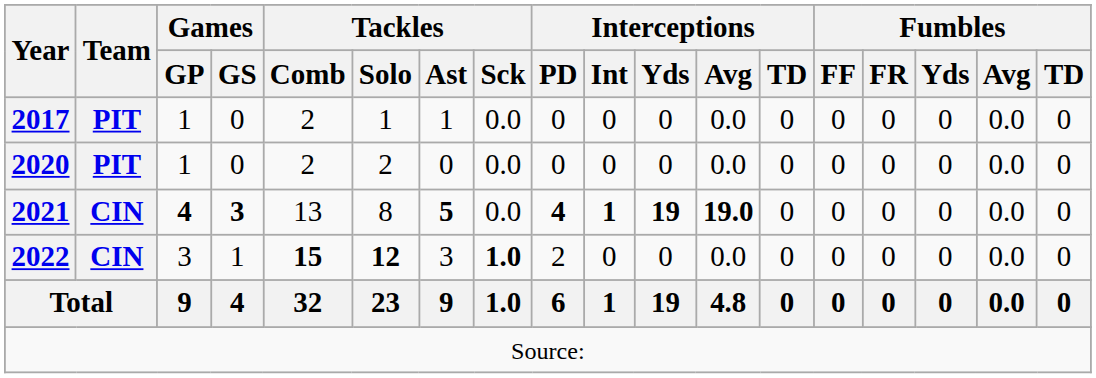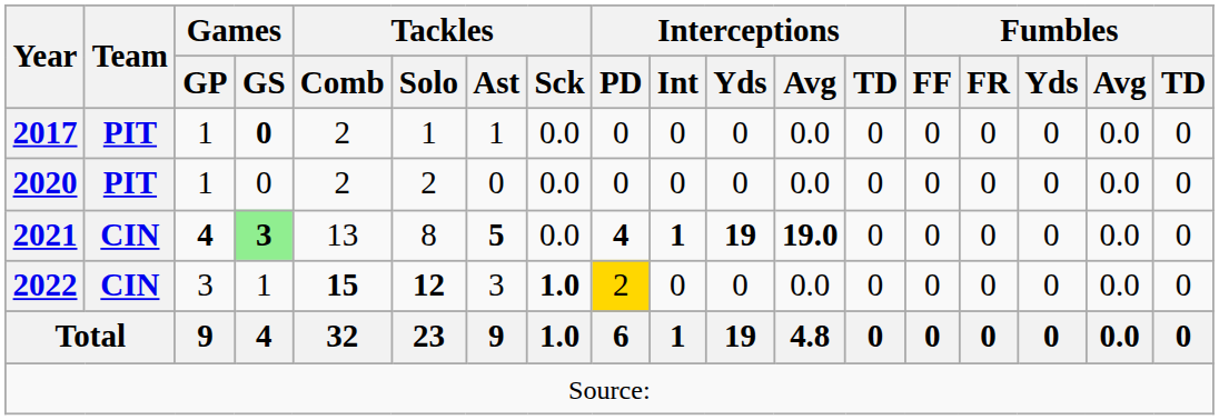 <table class="wikitable" style="text-align:center;">
 <tr>
 <th rowspan="2">Year</th>
 <th rowspan="2">Team</th>
 <th colspan="2">Games</th>
 <th colspan="4">Tackles</th>
 <th colspan="5">Interceptions</th>
 <th colspan="5">Fumbles</th>
 </tr>
 <tr>
 <th>GP</th>
 <th>GS</th>
 <th>Comb</th>
 <th>Solo</th>
 <th>Ast</th>
 <th>Sck</th>
 <th>PD</th>
 <th>Int</th>
 <th>Yds</th>
 <th>Avg</th>
 <th>TD</th>
 <th>FF</th>
 <th>FR</th>
 <th>Yds</th>
 <th>Avg</th>
 <th>TD</th>
 </tr>
 <tr>
 <th><a href='#'>2017</a></th>
 <th><a href='#'>PIT</a></th>
 <td>1</td>
-<td>0</td>
+<td><strong>0</strong></td>
 <td>2</td>
 <td>1</td>
 <td>1</td>
 <td>0.0</td>
 <td>0</td>
 <td>0</td>
 <td>0</td>
 <td>0.0</td>
 <td>0</td>
 <td>0</td>
 <td>0</td>
 <td>0</td>
 <td>0.0</td>
 <td>0</td>
 </tr>
 <tr>
 <th><a href='#'>2020</a></th>
 <th><a href='#'>PIT</a></th>
 <td>1</td>
 <td>0</td>
 <td>2</td>
 <td>2</td>
 <td>0</td>
 <td>0.0</td>
 <td>0</td>
 <td>0</td>
 <td>0</td>
 <td>0.0</td>
 <td>0</td>
 <td>0</td>
 <td>0</td>
 <td>0</td>
 <td>0.0</td>
 <td>0</td>
 </tr>
 <tr>
 <th><a href='#'>2021</a></th>
 <th><a href='#'>CIN</a></th>
 <td><strong>4</strong></td>
-<td><strong>3</strong></td>
+<td style="background: lightgreen;"><strong>3</strong></td>
 <td>13</td>
 <td>8</td>
 <td><strong>5</strong></td>
 <td>0.0</td>
 <td><strong>4</strong></td>
 <td><strong>1</strong></td>
 <td><strong>19</strong></td>
 <td><strong>19.0</strong></td>
 <td>0</td>
 <td>0</td>
 <td>0</td>
 <td>0</td>
 <td>0.0</td>
 <td>0</td>
 </tr>
 <tr>
 <th><a href='#'>2022</a></th>
 <th><a href='#'>CIN</a></th>
 <td>3</td>
 <td>1</td>
 <td><strong>15</strong></td>
 <td><strong>12</strong></td>
 <td>3</td>
 <td><strong>1.0</strong></td>
-<td>2</td>
+<td style="background: gold;">2</td>
 <td>0</td>
 <td>0</td>
 <td>0.0</td>
 <td>0</td>
 <td>0</td>
 <td>0</td>
 <td>0</td>
 <td>0.0</td>
 <td>0</td>
 </tr>
 <tr>
 <th colspan="2">Total</th>
 <th>9</th>
 <th>4</th>
 <th>32</th>
 <th>23</th>
 <th>9</th>
 <th>1.0</th>
 <th>6</th>
 <th>1</th>
 <th>19</th>
 <th>4.8</th>
 <th>0</th>
 <th>0</th>
 <th>0</th>
 <th>0</th>
 <th>0.0</th>
 <th>0</th>
 </tr>
 <tr>
 <td colspan="18"><small>Source: </small></td>
 </tr>
 </table>
